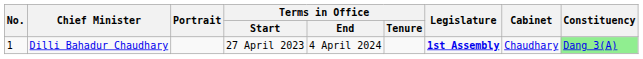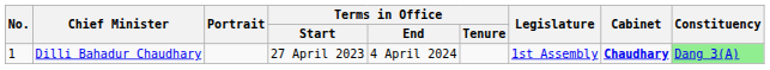 <table class="wikitable">
 <tr>
 <th rowspan="2" style="background-color:">No.</th>
 <th rowspan="2" style="background-color:">Chief Minister</th>
 <th rowspan="2" style="background-color:">Portrait</th>
 <th colspan="3" style="background-color:">Terms in Office</th>
 <th rowspan="2" style="background-color:">Legislature</th>
 <th rowspan="2" style="background-color:">Cabinet</th>
 <th rowspan="2" style="background-color:">Constituency</th>
 </tr>
 <tr>
 <th style="background-color:">Start</th>
 <th style="background-color:">End</th>
 <th style="background-color:">Tenure</th>
 </tr>
 <tr>
 <td>1</td>
 <td><a href='#'>Dilli Bahadur Chaudhary</a></td>
 <td></td>
 <td>27 April 2023</td>
 <td>4 April 2024</td>
 <td></td>
-<td><strong><a href='#'>1st Assembly</a></strong></td>
-<td><a href='#'>Chaudhary</a></td>
+<td><a href='#'>1st Assembly</a></td>
+<td><strong><a href='#'>Chaudhary</a></strong></td>
 <td style="background: lightgreen;"><a href='#'>Dang 3(A)</a></td>
 </tr>
 </table>
